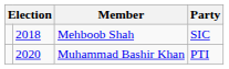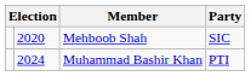 <table class="wikitable">
 <tr>
 <th colspan="2">Election</th>
 <th>Member</th>
 <th>Party</th>
 </tr>
 <tr>
 <td style="background-color: "></td>
-<td><a href='#'>2018</a></td>
+<td><a href='#'>2020</a></td>
 <td><a href='#'>Mehboob Shah</a></td>
 <td><a href='#'>SIC</a></td>
 </tr>
 <tr>
 <td style="background-color: "></td>
-<td><a href='#'>2020</a></td>
+<td><a href='#'>2024</a></td>
 <td><a href='#'>Muhammad Bashir Khan</a></td>
 <td><a href='#'>PTI</a></td>
 </tr>
 </table>
